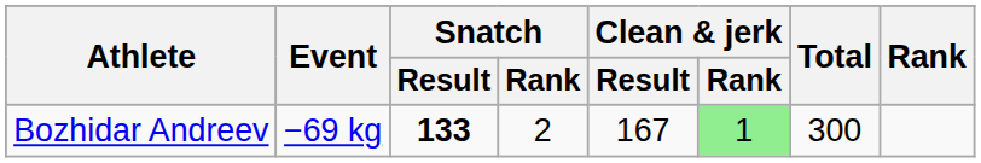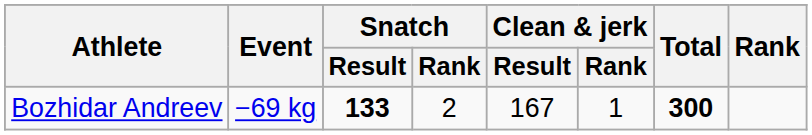 <table class="wikitable" style="font-size:90%">
 <tr>
 <th rowspan="2">Athlete</th>
 <th rowspan="2">Event</th>
 <th colspan="2">Snatch</th>
 <th colspan="2">Clean & jerk</th>
 <th rowspan="2">Total</th>
 <th rowspan="2">Rank</th>
 </tr>
 <tr style="font-size:95%">
 <th>Result</th>
 <th>Rank</th>
 <th>Result</th>
 <th>Rank</th>
 </tr>
 <tr align=center>
 <td align=left><a href='#'>Bozhidar Andreev</a></td>
 <td align=left><a href='#'>−69 kg</a></td>
 <td><strong>133</strong></td>
 <td>2</td>
 <td>167</td>
-<td style="background: lightgreen;">1</td>
-<td>300</td>
+<td>1</td>
+<td><strong>300</strong></td>
 <td></td>
 </tr>
 </table>
